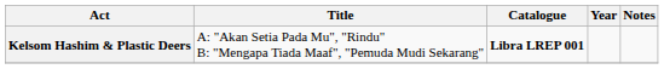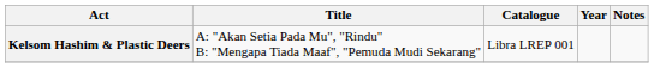 <table class="wikitable plainrowheaders sortable">
 <tr>
 <th scope="col">Act</th>
 <th scope="col">Title</th>
 <th scope="col">Catalogue</th>
 <th scope="col">Year</th>
 <th scope="col" class="unsortable">Notes</th>
 </tr>
 <tr>
 <th scope="row">Kelsom Hashim & Plastic Deers</th>
 <td>A: "Akan Setia Pada Mu", "Rindu"<br>B: "Mengapa Tiada Maaf", "Pemuda Mudi Sekarang"</td>
-<td><strong>Libra LREP 001</strong></td>
+<td>Libra LREP 001</td>
 <td></td>
 <td></td>
 </tr>
 <tr>
 </tr>
 </table>
